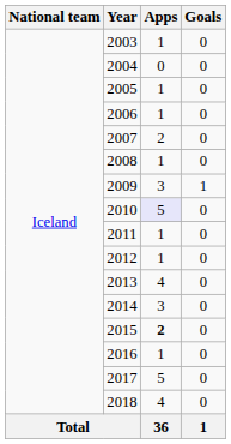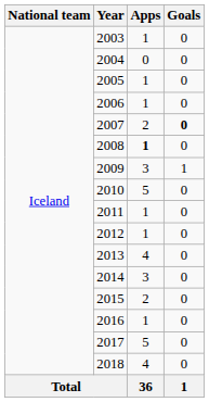 <table class="wikitable" style="text-align:center">
 <tr>
 <th>National team</th>
 <th>Year</th>
 <th>Apps</th>
 <th>Goals</th>
 </tr>
 <tr>
 <td rowspan="16"><a href='#'>Iceland</a></td>
 <td>2003</td>
 <td>1</td>
 <td>0</td>
 </tr>
 <tr>
 <td>2004</td>
 <td>0</td>
 <td>0</td>
 </tr>
 <tr>
 <td>2005</td>
 <td>1</td>
 <td>0</td>
 </tr>
 <tr>
 <td>2006</td>
 <td>1</td>
 <td>0</td>
 </tr>
 <tr>
 <td>2007</td>
 <td>2</td>
-<td>0</td>
+<td><strong>0</strong></td>
 </tr>
 <tr>
 <td>2008</td>
-<td>1</td>
+<td><strong>1</strong></td>
 <td>0</td>
 </tr>
 <tr>
 <td>2009</td>
 <td>3</td>
 <td>1</td>
 </tr>
 <tr>
 <td>2010</td>
-<td style="background: lavender;">5</td>
+<td>5</td>
 <td>0</td>
 </tr>
 <tr>
 <td>2011</td>
 <td>1</td>
 <td>0</td>
 </tr>
 <tr>
 <td>2012</td>
 <td>1</td>
 <td>0</td>
 </tr>
 <tr>
 <td>2013</td>
 <td>4</td>
 <td>0</td>
 </tr>
 <tr>
 <td>2014</td>
 <td>3</td>
 <td>0</td>
 </tr>
 <tr>
 <td>2015</td>
-<td><strong>2</strong></td>
+<td>2</td>
 <td>0</td>
 </tr>
 <tr>
 <td>2016</td>
 <td>1</td>
 <td>0</td>
 </tr>
 <tr>
 <td>2017</td>
 <td>5</td>
 <td>0</td>
 </tr>
 <tr>
 <td>2018</td>
 <td>4</td>
 <td>0</td>
 </tr>
 <tr>
 <th colspan="2">Total</th>
 <th>36</th>
 <th>1</th>
 </tr>
 </table>
